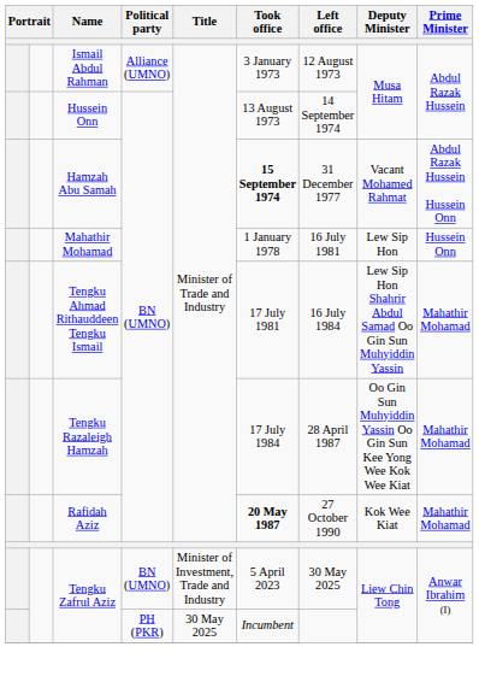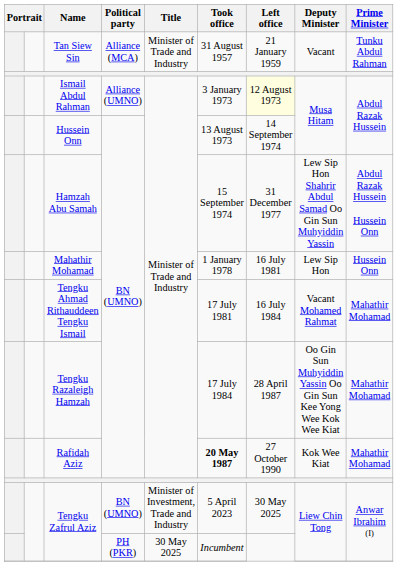 <table class="wikitable" style="text-align:center;">
 <tr>
 <th colspan=2>Portrait</th>
 <th>Name<br></th>
 <th>Political party</th>
 <th>Title</th>
 <th>Took office</th>
 <th>Left office</th>
 <th>Deputy Minister</th>
 <th><a href='#'>Prime Minister</a><br></th>
 </tr>
 <tr>
+<th style="background:"></th>
+<td></td>
+<td><a href='#'>Tan Siew Sin</a><br></td>
+<td><a href='#'>Alliance</a> (<a href='#'>MCA</a>)</td>
+<td>Minister of Trade and Industry</td>
+<td>31 August 1957</td>
+<td>21 January 1959</td>
+<td>Vacant</td>
+<td><a href='#'>Tunku Abdul Rahman</a><br></td>
+</tr>
+<tr>
 <th colspan="9" bgcolor="cccccc"></th>
 </tr>
 <tr>
 <th style="background:"></th>
 <td></td>
 <td><a href='#'>Ismail Abdul Rahman</a><br></td>
 <td><a href='#'>Alliance</a> (<a href='#'>UMNO</a>)</td>
 <td rowspan=7>Minister of Trade and Industry</td>
 <td>3 January 1973</td>
-<td>12 August 1973</td>
+<td style="background: lightyellow;">12 August 1973</td>
 <td rowspan="2"><a href='#'>Musa Hitam</a></td>
 <td rowspan="2"><a href='#'>Abdul Razak Hussein</a><br></td>
 </tr>
 <tr>
 <th style="background:"></th>
 <td></td>
 <td><a href='#'>Hussein Onn</a><br></td>
 <td rowspan=6><a href='#'>BN</a> (<a href='#'>UMNO</a>)</td>
 <td>13 August 1973</td>
 <td>14 September 1974</td>
 </tr>
 <tr>
 <th style="background:"></th>
 <td></td>
 <td><a href='#'>Hamzah Abu Samah</a><br></td>
-<td><strong>15 September 1974</strong></td>
+<td>15 September 1974</td>
 <td>31 December 1977</td>
-<td>Vacant <a href='#'>Mohamed Rahmat</a> </td>
+<td>Lew Sip Hon <a href='#'>Shahrir Abdul Samad</a>  Oo Gin Sun <a href='#'>Muhyiddin Yassin</a> </td>
 <td><a href='#'>Abdul Razak Hussein</a><br><br><a href='#'>Hussein Onn</a><br></td>
 </tr>
 <tr>
 <th style="background:"></th>
 <td></td>
 <td><a href='#'>Mahathir Mohamad</a><br></td>
 <td>1 January 1978</td>
 <td>16 July 1981</td>
 <td>Lew Sip Hon</td>
 <td><a href='#'>Hussein Onn</a><br></td>
 </tr>
 <tr>
 <th style="background:"></th>
 <td></td>
 <td><a href='#'>Tengku Ahmad Rithauddeen Tengku Ismail</a><br></td>
 <td>17 July 1981</td>
 <td>16 July 1984</td>
-<td>Lew Sip Hon <a href='#'>Shahrir Abdul Samad</a>  Oo Gin Sun <a href='#'>Muhyiddin Yassin</a> </td>
+<td>Vacant <a href='#'>Mohamed Rahmat</a> </td>
 <td><a href='#'>Mahathir Mohamad</a><br></td>
 </tr>
 <tr>
 <th style="background:"></th>
 <td></td>
 <td><a href='#'>Tengku Razaleigh Hamzah</a><br></td>
 <td>17 July 1984</td>
 <td>28 April 1987</td>
 <td>Oo Gin Sun <a href='#'>Muhyiddin Yassin</a>  Oo Gin Sun Kee Yong Wee  Kok Wee Kiat </td>
 <td><a href='#'>Mahathir Mohamad</a><br></td>
 </tr>
 <tr>
 <th style="background:"></th>
 <td></td>
 <td><a href='#'>Rafidah Aziz</a><br></td>
 <td><strong>20 May 1987</strong></td>
 <td>27 October 1990</td>
 <td>Kok Wee Kiat</td>
 <td><a href='#'>Mahathir Mohamad</a><br></td>
 </tr>
 <tr>
 <th colspan="9" bgcolor="cccccc"></th>
 </tr>
 <tr>
 <th style="background:"></th>
 <td rowspan=2></td>
 <td rowspan=2><a href='#'>Tengku Zafrul Aziz</a><br></td>
 <td><a href='#'>BN</a> (<a href='#'>UMNO</a>)</td>
 <td>Minister of Investment, Trade and Industry</td>
 <td>5 April 2023</td>
 <td>30 May 2025</td>
 <td rowspan=2><a href='#'>Liew Chin Tong</a></td>
 <td rowspan=2><a href='#'>Anwar Ibrahim</a><br><small>(I)</small></td>
 </tr>
 <tr>
 <th style="background:"></th>
 <td><a href='#'>PH</a> (<a href='#'>PKR</a>)</td>
 <td>30 May 2025</td>
 <td><em>Incumbent</em></td>
 </tr>
 <tr>
 </tr>
 </table>
